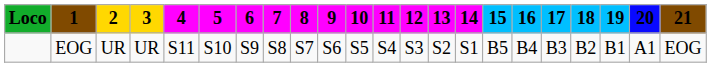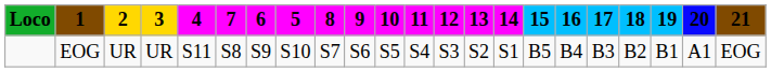 <table class="wikitable plainrowheaders unsortable" style="text-align:center">
 <tr>
 <th scope="col" rowspan="1" style="background:#12ad2b;"><span> Loco</span></th>
 <th scope="col" rowspan="1" style="background:#804a00;"><span> 1</span></th>
 <th scope="col" rowspan="1" style="background:#ffd801;"><span> 2</span></th>
 <th scope="col" rowspan="1" style="background:#ffd801;"><span> 3</span></th>
 <th scope="col" rowspan="1" style="background:#ff00ff;"><span> 4</span></th>
+<th scope="col" rowspan="1" style="background:#ff00ff;"><span> 7</span></th>
+<th scope="col" rowspan="1" style="background:#ff00ff;"><span> 6</span></th>
 <th scope="col" rowspan="1" style="background:#ff00ff;"><span> 5</span></th>
-<th scope="col" rowspan="1" style="background:#ff00ff;"><span> 6</span></th>
-<th scope="col" rowspan="1" style="background:#ff00ff;"><span> 7</span></th>
 <th scope="col" rowspan="1" style="background:#ff00ff;"><span> 8</span></th>
 <th scope="col" rowspan="1" style="background:#ff00ff;"><span> 9</span></th>
 <th scope="col" rowspan="1" style="background:#ff00ff;"><span> 10</span></th>
 <th scope="col" rowspan="1" style="background:#ff00ff;"><span> 11</span></th>
 <th scope="col" rowspan="1" style="background:#ff00ff;"><span> 12</span></th>
 <th scope="col" rowspan="1" style="background:#ff00ff;"><span> 13</span></th>
 <th scope="col" rowspan="1" style="background:#ff00ff;"><span> 14</span></th>
 <th scope="col" rowspan="1" style="background:#00bfff;"><span> 15</span></th>
 <th scope="col" rowspan="1" style="background:#00bfff;"><span> 16</span></th>
 <th scope="col" rowspan="1" style="background:#00bfff;"><span> 17</span></th>
 <th scope="col" rowspan="1" style="background:#00bfff;"><span> 18</span></th>
 <th scope="col" rowspan="1" style="background:#00bfff;"><span> 19</span></th>
 <th scope="col" rowspan="1" style="background:#0909ff;"><span> 20</span></th>
 <th scope="col" rowspan="1" style="background:#804a00;"><span> 21</span></th>
 </tr>
 <tr>
 <td></td>
 <td><span> EOG</span></td>
 <td><span>UR</span></td>
 <td><span>UR</span></td>
 <td><span>S11</span></td>
+<td><span>S8</span></td>
+<td><span>S9</span></td>
 <td><span>S10</span></td>
-<td><span>S9</span></td>
-<td><span>S8</span></td>
 <td><span>S7</span></td>
 <td><span>S6</span></td>
 <td><span>S5</span></td>
 <td><span>S4</span></td>
 <td><span>S3</span></td>
 <td><span>S2</span></td>
 <td><span>S1</span></td>
 <td><span>B5</span></td>
 <td><span>B4</span></td>
 <td><span>B3</span></td>
 <td><span>B2</span></td>
 <td><span>B1</span></td>
 <td><span>A1</span></td>
 <td><span>EOG</span></td>
 </tr>
 </table>
